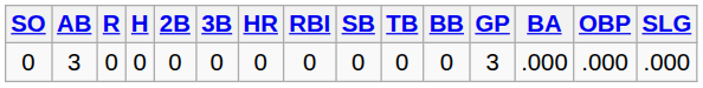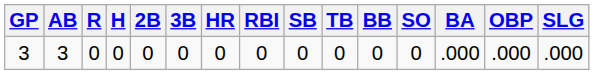 <table class="wikitable">
 <tr>
-<th><a href='#'>SO</a></th>
+<th><a href='#'>GP</a></th>
 <th><a href='#'>AB</a></th>
 <th><a href='#'>R</a></th>
 <th><a href='#'>H</a></th>
 <th><a href='#'>2B</a></th>
 <th><a href='#'>3B</a></th>
 <th><a href='#'>HR</a></th>
 <th><a href='#'>RBI</a></th>
 <th><a href='#'>SB</a></th>
 <th><a href='#'>TB</a></th>
 <th><a href='#'>BB</a></th>
-<th><a href='#'>GP</a></th>
+<th><a href='#'>SO</a></th>
 <th><a href='#'>BA</a></th>
 <th><a href='#'>OBP</a></th>
 <th><a href='#'>SLG</a></th>
 </tr>
 <tr align=center>
-<td>0</td>
+<td>3</td>
 <td>3</td>
 <td>0</td>
 <td>0</td>
 <td>0</td>
 <td>0</td>
 <td>0</td>
 <td>0</td>
 <td>0</td>
 <td>0</td>
 <td>0</td>
-<td>3</td>
+<td>0</td>
 <td>.000</td>
 <td>.000</td>
 <td>.000</td>
 </tr>
 </table>
